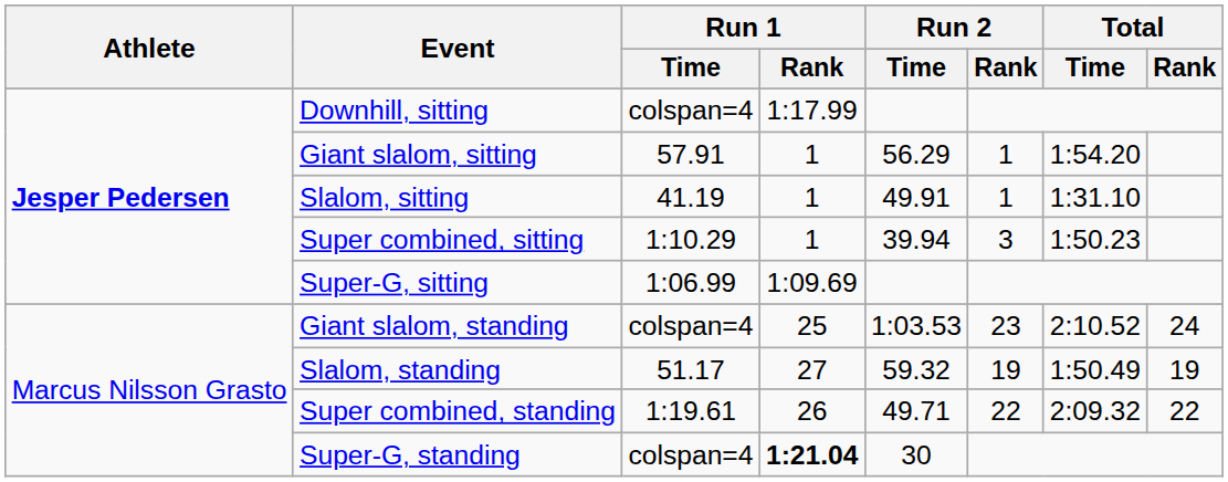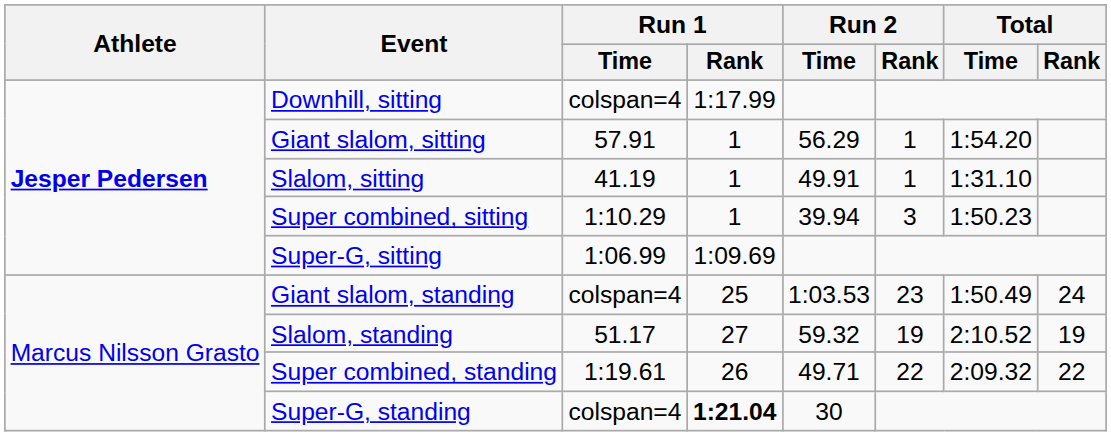 <table class="wikitable" style="font-size:90%">
 <tr>
 <th rowspan=2>Athlete</th>
 <th rowspan=2>Event</th>
 <th colspan=2>Run 1</th>
 <th colspan=2>Run 2</th>
 <th colspan=2>Total</th>
 </tr>
 <tr style="font-size:95%">
 <th>Time</th>
 <th>Rank</th>
 <th>Time</th>
 <th>Rank</th>
 <th>Time</th>
 <th>Rank</th>
 </tr>
 <tr align=center>
 <td style="text-align:left;" rowspan="5"><strong><a href='#'>Jesper Pedersen</a></strong></td>
 <td align=left><a href='#'>Downhill, sitting</a></td>
 <td>colspan=4 </td>
 <td>1:17.99</td>
 <td></td>
 </tr>
 <tr align=center>
 <td align=left><a href='#'>Giant slalom, sitting</a></td>
 <td>57.91</td>
 <td>1</td>
 <td>56.29</td>
 <td>1</td>
 <td>1:54.20</td>
 <td></td>
 </tr>
 <tr align=center>
 <td align=left><a href='#'>Slalom, sitting</a></td>
 <td>41.19</td>
 <td>1</td>
 <td>49.91</td>
 <td>1</td>
 <td>1:31.10</td>
 <td></td>
 </tr>
 <tr align=center>
 <td align=left><a href='#'>Super combined, sitting</a></td>
 <td>1:10.29</td>
 <td>1</td>
 <td>39.94</td>
 <td>3</td>
 <td>1:50.23</td>
 <td></td>
 </tr>
 <tr align=center>
 <td align=left><a href='#'>Super-G, sitting</a></td>
 <td>1:06.99</td>
 <td>1:09.69</td>
 <td></td>
 </tr>
 <tr align=center>
 <td style="text-align:left;" rowspan="4"><a href='#'>Marcus Nilsson Grasto</a></td>
 <td align=left><a href='#'>Giant slalom, standing</a></td>
 <td>colspan=4 </td>
 <td>25</td>
 <td>1:03.53</td>
 <td>23</td>
-<td>2:10.52</td>
+<td>1:50.49</td>
 <td>24</td>
 </tr>
 <tr align=center>
 <td align=left><a href='#'>Slalom, standing</a></td>
 <td>51.17</td>
 <td>27</td>
 <td>59.32</td>
 <td>19</td>
-<td>1:50.49</td>
+<td>2:10.52</td>
 <td>19</td>
 </tr>
 <tr align=center>
 <td align=left><a href='#'>Super combined, standing</a></td>
 <td>1:19.61</td>
 <td>26</td>
 <td>49.71</td>
 <td>22</td>
 <td>2:09.32</td>
 <td>22</td>
 </tr>
 <tr align=center>
 <td align=left><a href='#'>Super-G, standing</a></td>
 <td>colspan=4 </td>
 <td><strong>1:21.04</strong></td>
 <td>30</td>
 </tr>
 </table>
